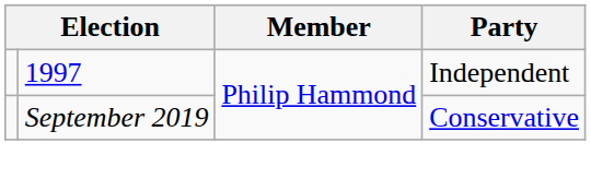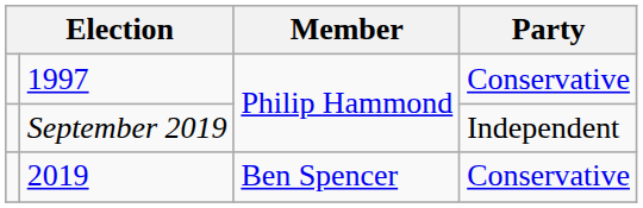 <table class="wikitable">
 <tr>
 <th colspan="2">Election</th>
 <th>Member</th>
 <th>Party</th>
 </tr>
 <tr>
 <td style="color:inherit;background-color: "></td>
 <td><a href='#'>1997</a></td>
 <td rowspan="2"><a href='#'>Philip Hammond</a></td>
+<td><a href='#'>Conservative</a></td>
+</tr>
+<tr>
+<td style="color:inherit;background-color: "></td>
+<td><em>September 2019</em></td>
 <td>Independent</td>
 </tr>
 <tr>
 <td style="color:inherit;background-color: "></td>
-<td><em>September 2019</em></td>
+<td><a href='#'>2019</a></td>
+<td><a href='#'>Ben Spencer</a></td>
 <td><a href='#'>Conservative</a></td>
 </tr>
 </table>
